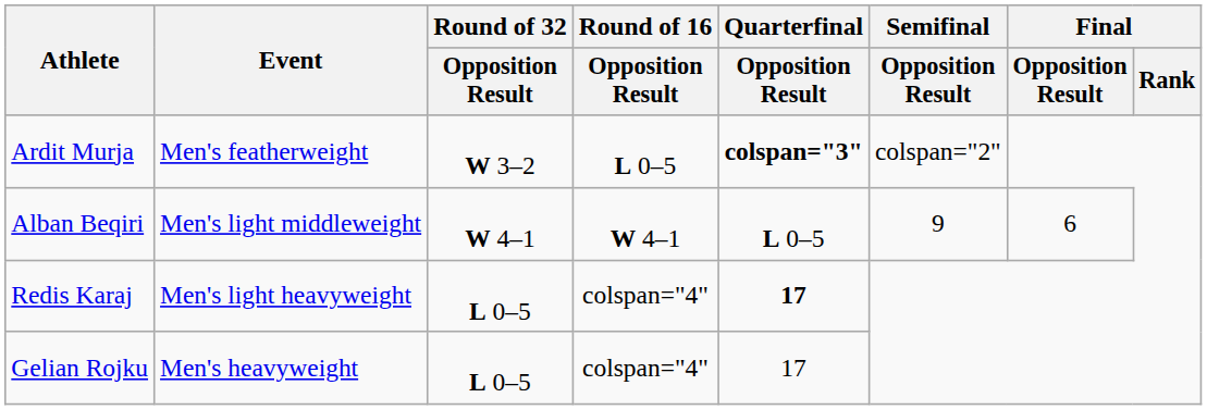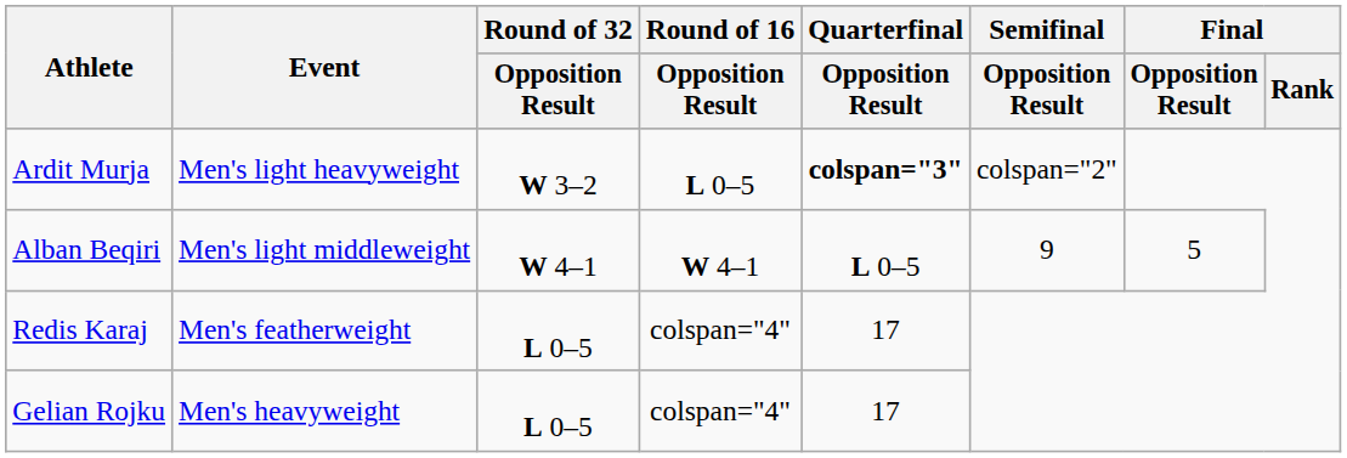 <table class="wikitable" style="text-align:center; font-size:90%">
 <tr>
 <th rowspan="2">Athlete</th>
 <th rowspan="2">Event</th>
 <th>Round of 32</th>
 <th>Round of 16</th>
 <th>Quarterfinal</th>
 <th>Semifinal</th>
 <th colspan="2">Final</th>
 </tr>
 <tr style="font-size:95%">
 <th>Opposition<br>Result</th>
 <th>Opposition<br>Result</th>
 <th>Opposition<br>Result</th>
 <th>Opposition<br>Result</th>
 <th>Opposition<br>Result</th>
 <th>Rank</th>
 </tr>
 <tr>
 <td align="left"><a href='#'>Ardit Murja</a></td>
-<td align="left"><a href='#'>Men's featherweight</a></td>
+<td align="left"><a href='#'>Men's light heavyweight</a></td>
 <td><br><strong>W</strong> 3–2</td>
 <td><br><strong>L</strong> 0–5</td>
 <td><strong>colspan="3" </strong></td>
 <td>colspan="2" </td>
 </tr>
 <tr>
 <td align="left"><a href='#'>Alban Beqiri</a></td>
 <td align="left"><a href='#'>Men's light middleweight</a></td>
 <td><br><strong>W</strong> 4–1</td>
 <td><br><strong>W</strong> 4–1</td>
 <td><br><strong>L</strong> 0–5</td>
 <td>9</td>
-<td>6</td>
+<td>5</td>
 </tr>
 <tr>
 <td align="left"><a href='#'>Redis Karaj</a></td>
-<td align="left"><a href='#'>Men's light heavyweight</a></td>
+<td align="left"><a href='#'>Men's featherweight</a></td>
 <td><br><strong>L</strong> 0–5</td>
 <td>colspan="4" </td>
-<td><strong>17</strong></td>
+<td>17</td>
 </tr>
 <tr>
 <td align="left"><a href='#'>Gelian Rojku</a></td>
 <td align="left"><a href='#'>Men's heavyweight</a></td>
 <td><br><strong>L</strong> 0–5</td>
 <td>colspan="4" </td>
 <td>17</td>
 </tr>
 </table>
